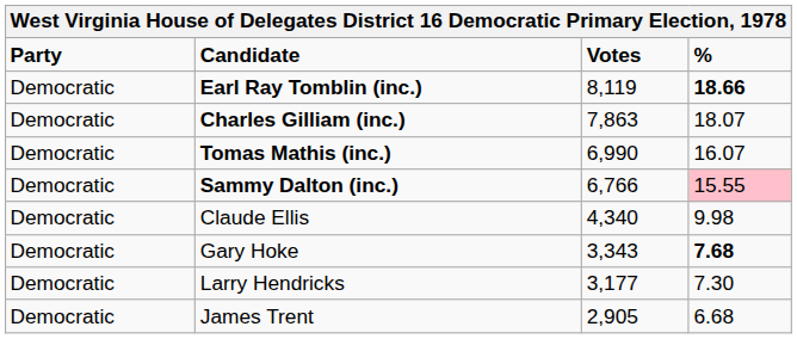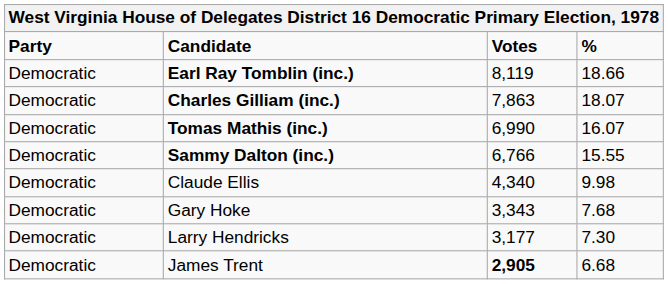 <table class="wikitable">
 <tr>
 <th colspan="4">West Virginia House of Delegates District 16 Democratic Primary Election, 1978</th>
 </tr>
 <tr>
 <td><strong>Party</strong></td>
 <td><strong>Candidate</strong></td>
 <td><strong>Votes</strong></td>
 <td><strong>%</strong></td>
 </tr>
 <tr>
 <td>Democratic</td>
 <td><strong>Earl Ray Tomblin (inc.)</strong></td>
 <td>8,119</td>
-<td><strong>18.66</strong></td>
+<td>18.66</td>
 </tr>
 <tr>
 <td>Democratic</td>
 <td><strong>Charles Gilliam (inc.)</strong></td>
 <td>7,863</td>
 <td>18.07</td>
 </tr>
 <tr>
 <td>Democratic</td>
 <td><strong>Tomas Mathis (inc.)</strong></td>
 <td>6,990</td>
 <td>16.07</td>
 </tr>
 <tr>
 <td>Democratic</td>
 <td><strong>Sammy Dalton (inc.)</strong></td>
 <td>6,766</td>
-<td style="background: pink;">15.55</td>
+<td>15.55</td>
 </tr>
 <tr>
 <td>Democratic</td>
 <td>Claude Ellis</td>
 <td>4,340</td>
 <td>9.98</td>
 </tr>
 <tr>
 <td>Democratic</td>
 <td>Gary Hoke</td>
 <td>3,343</td>
-<td><strong>7.68</strong></td>
+<td>7.68</td>
 </tr>
 <tr>
 <td>Democratic</td>
 <td>Larry Hendricks</td>
 <td>3,177</td>
 <td>7.30</td>
 </tr>
 <tr>
 <td>Democratic</td>
 <td>James Trent</td>
-<td>2,905</td>
+<td><strong>2,905</strong></td>
 <td>6.68</td>
 </tr>
 </table>
